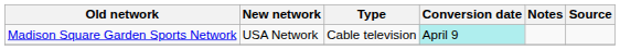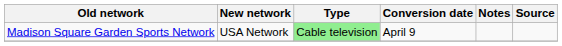 <table class="wikitable sortable">
 <tr>
 <th>Old network</th>
 <th>New network</th>
 <th>Type</th>
 <th>Conversion date</th>
 <th>Notes</th>
 <th>Source</th>
 </tr>
 <tr>
 <td><a href='#'>Madison Square Garden Sports Network</a></td>
 <td>USA Network</td>
-<td>Cable television</td>
-<td style="background: paleturquoise;">April 9</td>
+<td style="background: lightgreen;">Cable television</td>
+<td>April 9</td>
 <td></td>
 <td></td>
 </tr>
 <tr>
 </tr>
 </table>
